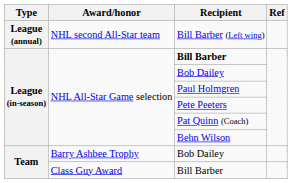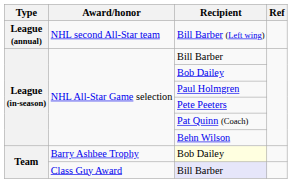 <table class="wikitable">
 <tr>
 <th scope="col">Type</th>
 <th scope="col">Award/honor</th>
 <th scope="col">Recipient</th>
 <th scope="col">Ref</th>
 </tr>
 <tr>
 <th scope="row">League<br><small>(annual)</small></th>
 <td><a href='#'>NHL second All-Star team</a></td>
 <td><a href='#'>Bill Barber</a> <small>(<a href='#'>Left wing</a>)</small></td>
 <td></td>
 </tr>
 <tr>
 <th scope="row" rowspan="6">League<br><small>(in-season)</small></th>
 <td rowspan="6"><a href='#'>NHL All-Star Game</a> selection</td>
-<td><strong>Bill Barber</strong></td>
+<td>Bill Barber</td>
 <td rowspan="6"></td>
 </tr>
 <tr>
 <td><a href='#'>Bob Dailey</a></td>
 </tr>
 <tr>
 <td><a href='#'>Paul Holmgren</a></td>
 </tr>
 <tr>
 <td><a href='#'>Pete Peeters</a></td>
 </tr>
 <tr>
 <td><a href='#'>Pat Quinn</a> <small>(Coach)</small></td>
 </tr>
 <tr>
 <td><a href='#'>Behn Wilson</a></td>
 </tr>
 <tr>
 <th scope="row" rowspan="2">Team</th>
 <td><a href='#'>Barry Ashbee Trophy</a></td>
-<td>Bob Dailey</td>
+<td style="background: lightyellow;">Bob Dailey</td>
 <td></td>
 </tr>
 <tr>
 <td><a href='#'>Class Guy Award</a></td>
-<td>Bill Barber</td>
+<td style="background: lavender;">Bill Barber</td>
 <td></td>
 </tr>
 </table>
